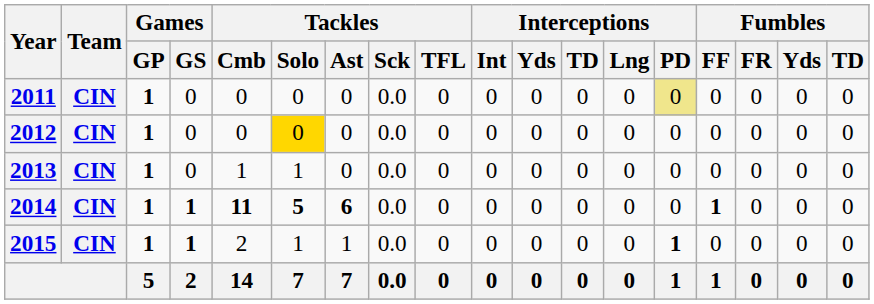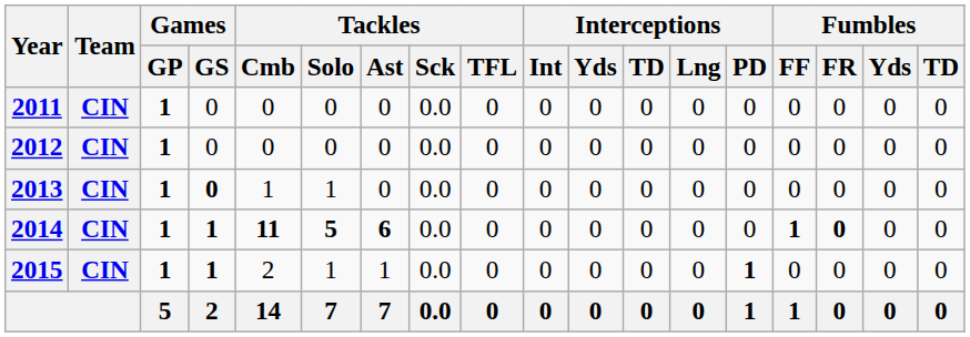 <table class="wikitable" style="text-align:center">
 <tr>
 <th rowspan="2">Year</th>
 <th rowspan="2">Team</th>
 <th colspan="2">Games</th>
 <th colspan="5">Tackles</th>
 <th colspan="5">Interceptions</th>
 <th colspan="4">Fumbles</th>
 </tr>
 <tr>
 <th>GP</th>
 <th>GS</th>
 <th>Cmb</th>
 <th>Solo</th>
 <th>Ast</th>
 <th>Sck</th>
 <th>TFL</th>
 <th>Int</th>
 <th>Yds</th>
 <th>TD</th>
 <th>Lng</th>
 <th>PD</th>
 <th>FF</th>
 <th>FR</th>
 <th>Yds</th>
 <th>TD</th>
 </tr>
 <tr>
 <th><a href='#'>2011</a></th>
 <th><a href='#'>CIN</a></th>
 <td><strong>1</strong></td>
 <td>0</td>
 <td>0</td>
 <td>0</td>
 <td>0</td>
 <td>0.0</td>
 <td>0</td>
 <td>0</td>
 <td>0</td>
 <td>0</td>
 <td>0</td>
-<td style="background: khaki;">0</td>
+<td>0</td>
 <td>0</td>
 <td>0</td>
 <td>0</td>
 <td>0</td>
 </tr>
 <tr>
 <th><a href='#'>2012</a></th>
 <th><a href='#'>CIN</a></th>
 <td><strong>1</strong></td>
 <td>0</td>
 <td>0</td>
-<td style="background: gold;">0</td>
+<td>0</td>
 <td>0</td>
 <td>0.0</td>
 <td>0</td>
 <td>0</td>
 <td>0</td>
 <td>0</td>
 <td>0</td>
 <td>0</td>
 <td>0</td>
 <td>0</td>
 <td>0</td>
 <td>0</td>
 </tr>
 <tr>
 <th><a href='#'>2013</a></th>
 <th><a href='#'>CIN</a></th>
 <td><strong>1</strong></td>
-<td>0</td>
+<td><strong>0</strong></td>
 <td>1</td>
 <td>1</td>
 <td>0</td>
 <td>0.0</td>
 <td>0</td>
 <td>0</td>
 <td>0</td>
 <td>0</td>
 <td>0</td>
 <td>0</td>
 <td>0</td>
 <td>0</td>
 <td>0</td>
 <td>0</td>
 </tr>
 <tr>
 <th><a href='#'>2014</a></th>
 <th><a href='#'>CIN</a></th>
 <td><strong>1</strong></td>
 <td><strong>1</strong></td>
 <td><strong>11</strong></td>
 <td><strong>5</strong></td>
 <td><strong>6</strong></td>
 <td>0.0</td>
 <td>0</td>
 <td>0</td>
 <td>0</td>
 <td>0</td>
 <td>0</td>
 <td>0</td>
 <td><strong>1</strong></td>
-<td>0</td>
+<td><strong>0</strong></td>
 <td>0</td>
 <td>0</td>
 </tr>
 <tr>
 <th><a href='#'>2015</a></th>
 <th><a href='#'>CIN</a></th>
 <td><strong>1</strong></td>
 <td><strong>1</strong></td>
 <td>2</td>
 <td>1</td>
 <td>1</td>
 <td>0.0</td>
 <td>0</td>
 <td>0</td>
 <td>0</td>
 <td>0</td>
 <td>0</td>
 <td><strong>1</strong></td>
 <td>0</td>
 <td>0</td>
 <td>0</td>
 <td>0</td>
 </tr>
 <tr>
 <th colspan="2"></th>
 <th>5</th>
 <th>2</th>
 <th>14</th>
 <th>7</th>
 <th>7</th>
 <th>0.0</th>
 <th>0</th>
 <th>0</th>
 <th>0</th>
 <th>0</th>
 <th>0</th>
 <th>1</th>
 <th>1</th>
 <th>0</th>
 <th>0</th>
 <th>0</th>
 </tr>
 </table>
